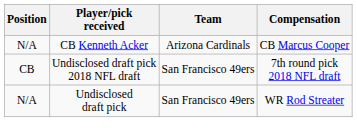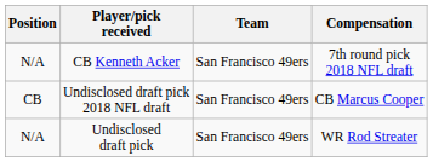 <table class="wikitable" style="text-align:center">
 <tr>
 <th>Position</th>
 <th>Player/pick<br>received</th>
 <th>Team</th>
 <th>Compensation</th>
 </tr>
 <tr>
 <td>N/A</td>
 <td>CB <a href='#'>Kenneth Acker</a></td>
-<td>Arizona Cardinals</td>
-<td>CB <a href='#'>Marcus Cooper</a></td>
+<td>San Francisco 49ers</td>
+<td>7th round pick<br><a href='#'>2018 NFL draft</a></td>
 </tr>
 <tr style="text-align:center;">
 <td>CB</td>
 <td>Undisclosed draft pick<br>2018 NFL draft</td>
 <td>San Francisco 49ers</td>
-<td>7th round pick<br><a href='#'>2018 NFL draft</a></td>
+<td>CB <a href='#'>Marcus Cooper</a></td>
 </tr>
 <tr style="text-align:center;">
 <td>N/A</td>
 <td>Undisclosed<br>draft pick</td>
 <td>San Francisco 49ers</td>
 <td>WR <a href='#'>Rod Streater</a></td>
 </tr>
 </table>
